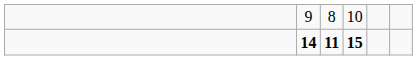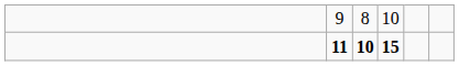 <table class="wikitable">
 <tr>
 <td style="width:18em"></td>
 <td align=center style="width:1em">9</td>
 <td align=center style="width:1em">8</td>
 <td align=center style="width:1em">10</td>
 <td align=center style="width:1em"></td>
 <td align=center style="width:1em"></td>
 </tr>
 <tr>
 <td style="width:18em"><strong></strong></td>
-<td align=center style="width:1em"><strong>14</strong></td>
 <td align=center style="width:1em"><strong>11</strong></td>
+<td align=center style="width:1em"><strong>10</strong></td>
 <td align=center style="width:1em"><strong>15</strong></td>
 <td align=center style="width:1em"></td>
 <td align=center style="width:1em"></td>
 </tr>
 </table>
